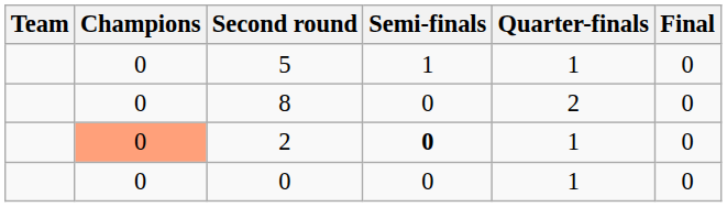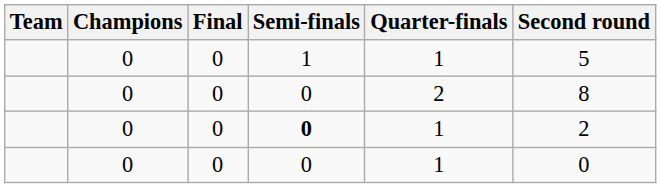 <table class="wikitable sortable" style="text-align:center">
 <tr>
 <th>Team</th>
 <th>Champions</th>
-<th>Second round</th>
+<th>Final</th>
 <th>Semi-finals</th>
 <th>Quarter-finals</th>
-<th>Final</th>
+<th>Second round</th>
 </tr>
 <tr>
 <td align=left></td>
 <td>0</td>
-<td>5</td>
+<td>0</td>
 <td>1</td>
 <td>1</td>
-<td>0</td>
+<td>5</td>
 </tr>
 <tr>
 <td align=left></td>
 <td>0</td>
-<td>8</td>
+<td>0</td>
 <td>0</td>
 <td>2</td>
-<td>0</td>
+<td>8</td>
 </tr>
 <tr>
 <td align=left></td>
-<td style="background: lightsalmon;">0</td>
-<td>2</td>
+<td>0</td>
+<td>0</td>
 <td><strong>0</strong></td>
 <td>1</td>
-<td>0</td>
+<td>2</td>
 </tr>
 <tr>
 <td align=left></td>
 <td>0</td>
 <td>0</td>
 <td>0</td>
 <td>1</td>
 <td>0</td>
 </tr>
 </table>
